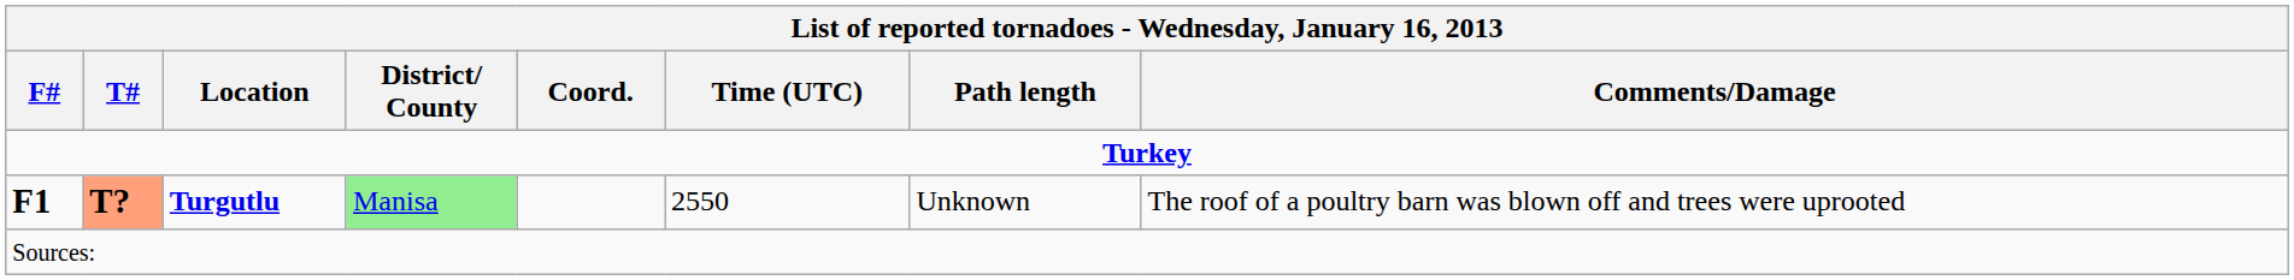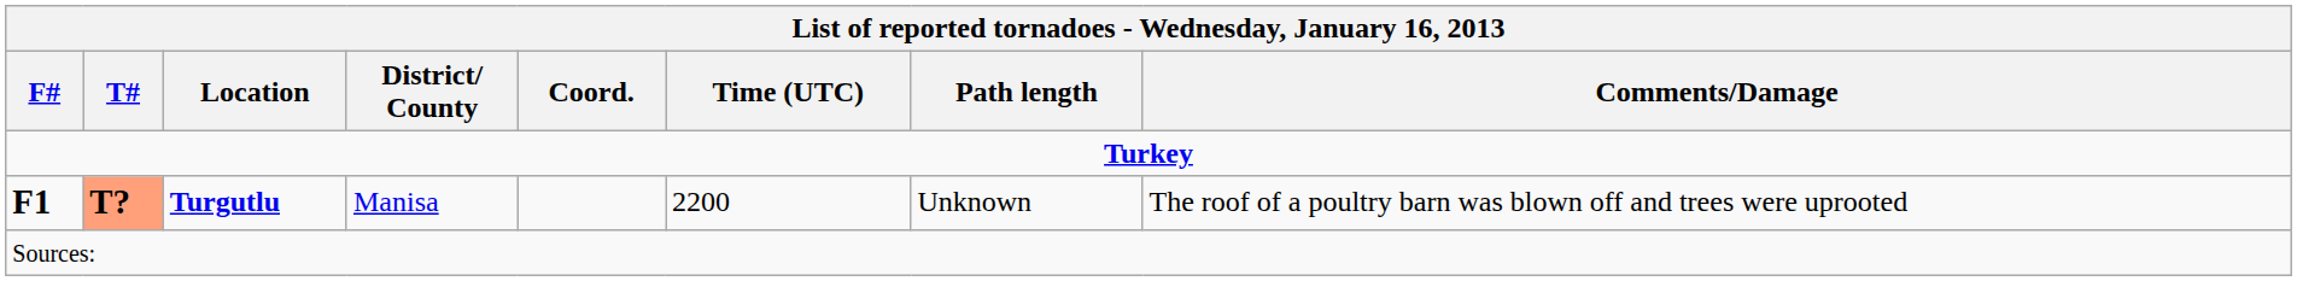 <table class="wikitable collapsible" width="100%">
 <tr>
 <th colspan="8">List of reported tornadoes - Wednesday, January 16, 2013</th>
 </tr>
 <tr>
 <th><a href='#'>F#</a></th>
 <th><a href='#'>T#</a></th>
 <th>Location</th>
 <th>District/<br>County</th>
 <th>Coord.</th>
 <th>Time (UTC)</th>
 <th>Path length</th>
 <th>Comments/Damage</th>
 </tr>
 <tr>
 <td colspan="8" align=center><strong><a href='#'>Turkey</a></strong></td>
 </tr>
 <tr>
 <td><big><strong>F1</strong></big></td>
 <td style="background: lightsalmon;"><big><strong>T?</strong></big></td>
 <td><strong><a href='#'>Turgutlu</a></strong></td>
-<td style="background: lightgreen;"><a href='#'>Manisa</a></td>
+<td><a href='#'>Manisa</a></td>
 <td></td>
-<td>2550</td>
+<td>2200</td>
 <td>Unknown</td>
 <td>The roof of a poultry barn was blown off and trees were uprooted</td>
 </tr>
 <tr>
 <td colspan="8"><small>Sources:  </small></td>
 </tr>
 </table>
